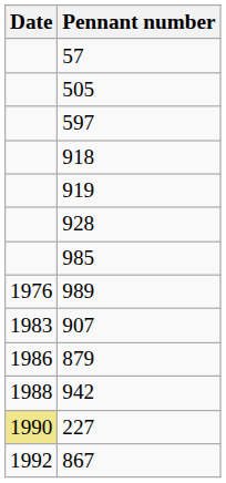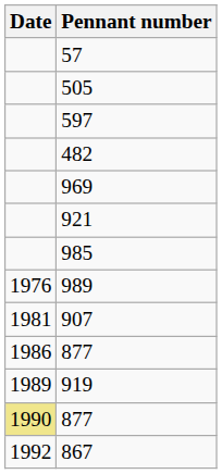 <table class="wikitable">
 <tr>
 <th>Date</th>
 <th>Pennant number</th>
 </tr>
 <tr>
 <td></td>
 <td>57</td>
 </tr>
 <tr>
 <td></td>
 <td>505</td>
 </tr>
 <tr>
 <td></td>
 <td>597</td>
 </tr>
 <tr>
 <td></td>
-<td>918</td>
+<td>482</td>
 </tr>
 <tr>
 <td></td>
-<td>919</td>
+<td>969</td>
 </tr>
 <tr>
 <td></td>
-<td>928</td>
+<td>921</td>
 </tr>
 <tr>
 <td></td>
 <td>985</td>
 </tr>
 <tr>
 <td>1976</td>
 <td>989</td>
 </tr>
 <tr>
-<td>1983</td>
+<td>1981</td>
 <td>907</td>
 </tr>
 <tr>
 <td>1986</td>
-<td>879</td>
+<td>877</td>
 </tr>
 <tr>
-<td>1988</td>
-<td>942</td>
+<td>1989</td>
+<td>919</td>
 </tr>
 <tr>
 <td style="background: khaki;">1990</td>
-<td>227</td>
+<td>877</td>
 </tr>
 <tr>
 <td>1992</td>
 <td>867</td>
 </tr>
 </table>
